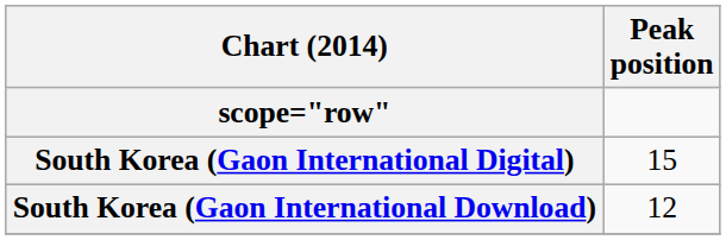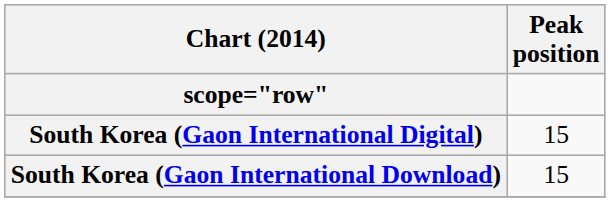 <table class="wikitable sortable plainrowheaders" style="text-align:center;">
 <tr>
 <th scope="col">Chart (2014)</th>
 <th scope="col">Peak<br>position</th>
 </tr>
 <tr>
 <th>scope="row"</th>
 </tr>
 <tr>
 <th scope="row">South Korea (<a href='#'>Gaon International Digital</a>)</th>
 <td>15</td>
 </tr>
 <tr>
 <th scope="row">South Korea (<a href='#'>Gaon International Download</a>)</th>
-<td>12</td>
+<td>15</td>
 </tr>
 <tr>
 </tr>
 </table>
